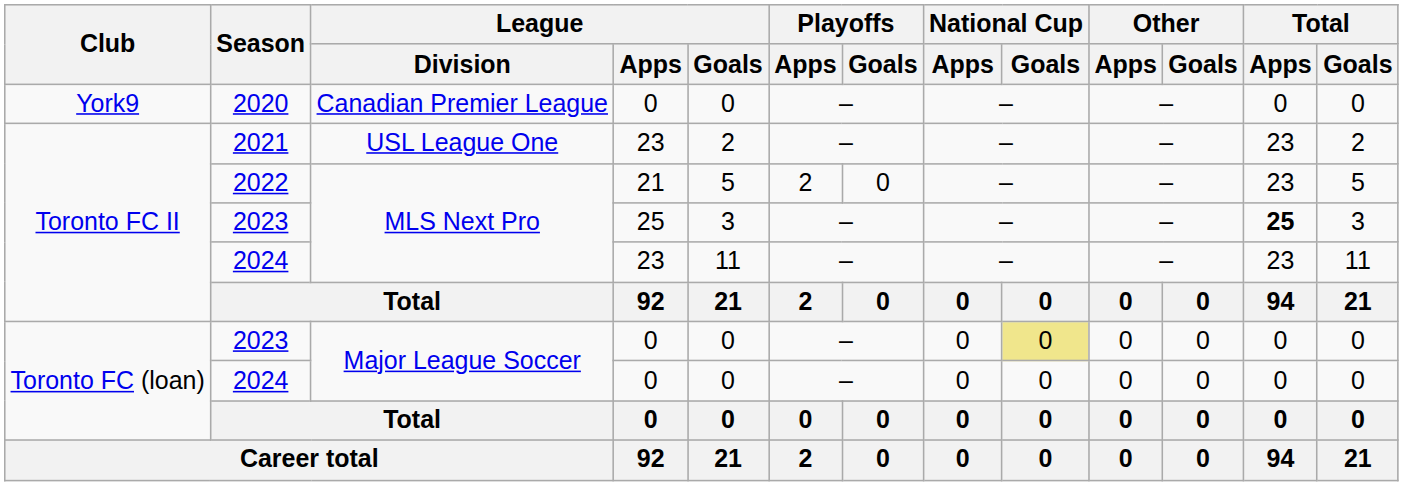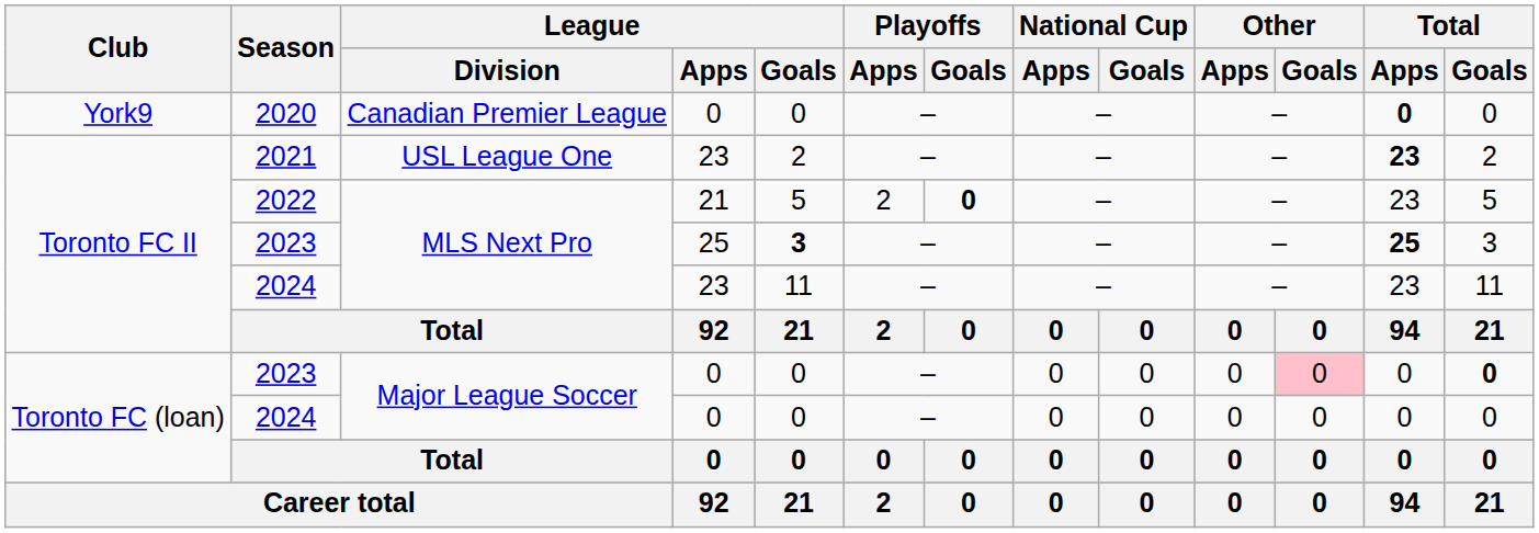 <table class="wikitable" style="text-align: center">
 <tr>
 <th rowspan="2">Club</th>
 <th rowspan="2">Season</th>
 <th colspan="3">League</th>
 <th colspan="2">Playoffs</th>
 <th colspan="2">National Cup</th>
 <th colspan="2">Other</th>
 <th colspan="2">Total</th>
 </tr>
 <tr>
 <th>Division</th>
 <th>Apps</th>
 <th>Goals</th>
 <th>Apps</th>
 <th>Goals</th>
 <th>Apps</th>
 <th>Goals</th>
 <th>Apps</th>
 <th>Goals</th>
 <th>Apps</th>
 <th>Goals</th>
 </tr>
 <tr>
 <td><a href='#'>York9</a></td>
 <td><a href='#'>2020</a></td>
 <td><a href='#'>Canadian Premier League</a></td>
 <td>0</td>
 <td>0</td>
 <td colspan="2">–</td>
 <td colspan="2">–</td>
 <td colspan="2">–</td>
-<td>0</td>
+<td><strong>0</strong></td>
 <td>0</td>
 </tr>
 <tr>
 <td rowspan=5><a href='#'>Toronto FC II</a></td>
 <td><a href='#'>2021</a></td>
 <td><a href='#'>USL League One</a></td>
 <td>23</td>
 <td>2</td>
 <td colspan="2">–</td>
 <td colspan="2">–</td>
 <td colspan="2">–</td>
-<td>23</td>
+<td><strong>23</strong></td>
 <td>2</td>
 </tr>
 <tr>
 <td><a href='#'>2022</a></td>
 <td rowspan=3><a href='#'>MLS Next Pro</a></td>
 <td>21</td>
 <td>5</td>
 <td>2</td>
-<td>0</td>
+<td><strong>0</strong></td>
 <td colspan="2">–</td>
 <td colspan="2">–</td>
 <td>23</td>
 <td>5</td>
 </tr>
 <tr>
 <td><a href='#'>2023</a></td>
 <td>25</td>
-<td>3</td>
+<td><strong>3</strong></td>
 <td colspan="2">–</td>
 <td colspan="2">–</td>
 <td colspan="2">–</td>
 <td><strong>25</strong></td>
 <td>3</td>
 </tr>
 <tr>
 <td><a href='#'>2024</a></td>
 <td>23</td>
 <td>11</td>
 <td colspan="2">–</td>
 <td colspan="2">–</td>
 <td colspan="2">–</td>
 <td>23</td>
 <td>11</td>
 </tr>
 <tr>
 <th colspan="2"><strong>Total</strong></th>
 <th>92</th>
 <th>21</th>
 <th>2</th>
 <th>0</th>
 <th>0</th>
 <th>0</th>
 <th>0</th>
 <th>0</th>
 <th>94</th>
 <th>21</th>
 </tr>
 <tr>
 <td rowspan=3><a href='#'>Toronto FC</a> (loan)</td>
 <td><a href='#'>2023</a></td>
 <td rowspan=2><a href='#'>Major League Soccer</a></td>
 <td>0</td>
 <td>0</td>
 <td colspan="2">–</td>
 <td>0</td>
-<td style="background: khaki;">0</td>
 <td>0</td>
 <td>0</td>
+<td style="background: pink;">0</td>
 <td>0</td>
-<td>0</td>
+<td><strong>0</strong></td>
 </tr>
 <tr>
 <td><a href='#'>2024</a></td>
 <td>0</td>
 <td>0</td>
 <td colspan="2">–</td>
 <td>0</td>
 <td>0</td>
 <td>0</td>
 <td>0</td>
 <td>0</td>
 <td>0</td>
 </tr>
 <tr>
 <th colspan="2"><strong>Total</strong></th>
 <th>0</th>
 <th>0</th>
 <th>0</th>
 <th>0</th>
 <th>0</th>
 <th>0</th>
 <th>0</th>
 <th>0</th>
 <th>0</th>
 <th>0</th>
 </tr>
 <tr>
 <th colspan="3"><strong>Career total</strong></th>
 <th>92</th>
 <th>21</th>
 <th>2</th>
 <th>0</th>
 <th>0</th>
 <th>0</th>
 <th>0</th>
 <th>0</th>
 <th>94</th>
 <th>21</th>
 </tr>
 </table>
